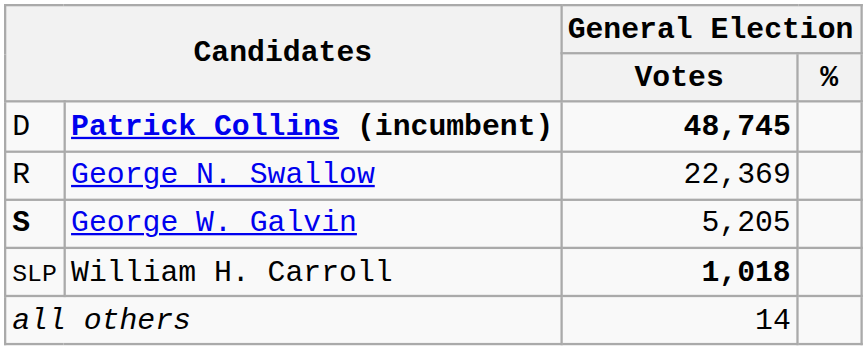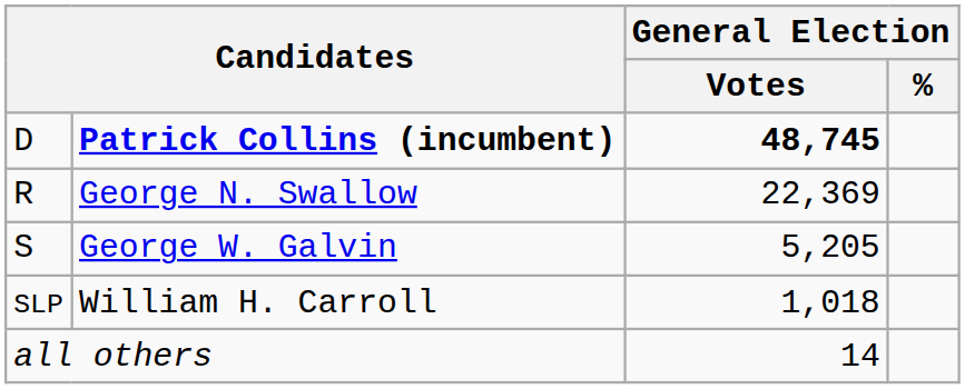 <table class=wikitable>
 <tr>
 <th colspan=2 rowspan=2><strong>Candidates</strong></th>
 <th colspan=2><strong>General Election</strong></th>
 </tr>
 <tr>
 <th>Votes</th>
 <th>%</th>
 </tr>
 <tr>
 <td>D</td>
 <td><strong><a href='#'>Patrick Collins</a> (incumbent)</strong></td>
 <td align="right"><strong>48,745</strong></td>
 <td align="right"><strong></strong></td>
 </tr>
 <tr>
 <td>R</td>
 <td><a href='#'>George N. Swallow</a></td>
 <td align="right">22,369</td>
 <td align="right"></td>
 </tr>
 <tr>
-<td><strong>S</strong></td>
+<td>S</td>
 <td><a href='#'>George W. Galvin</a></td>
 <td align="right">5,205</td>
 <td align="right"></td>
 </tr>
 <tr>
 <td><small>SLP</small></td>
 <td>William H. Carroll</td>
-<td align="right"><strong>1,018</strong></td>
+<td align="right">1,018</td>
 <td align="right"></td>
 </tr>
 <tr>
 <td colspan=2><em>all others</em></td>
 <td align="right">14</td>
 <td align="right"></td>
 </tr>
 </table>
